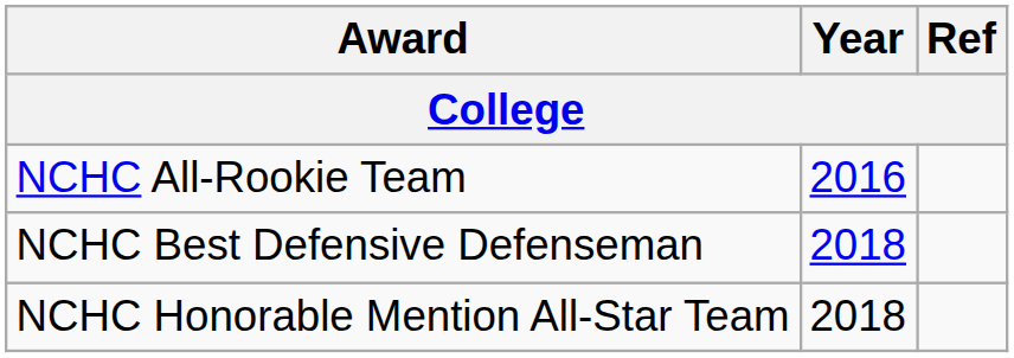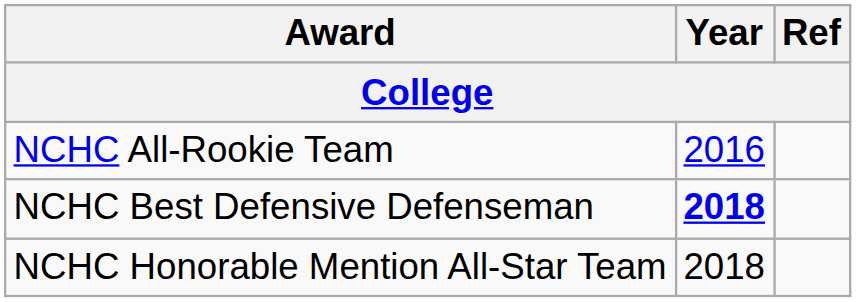 <table class="wikitable">
 <tr>
 <th>Award</th>
 <th>Year</th>
 <th>Ref</th>
 </tr>
 <tr>
 <th colspan="3"><a href='#'>College</a></th>
 </tr>
 <tr>
 <td><a href='#'>NCHC</a> All-Rookie Team</td>
 <td><a href='#'>2016</a></td>
 <td></td>
 </tr>
 <tr>
 <td>NCHC Best Defensive Defenseman</td>
-<td><a href='#'>2018</a></td>
+<td><strong><a href='#'>2018</a></strong></td>
 <td></td>
 </tr>
 <tr>
 <td>NCHC Honorable Mention All-Star Team</td>
 <td>2018</td>
 <td></td>
 </tr>
 </table>
